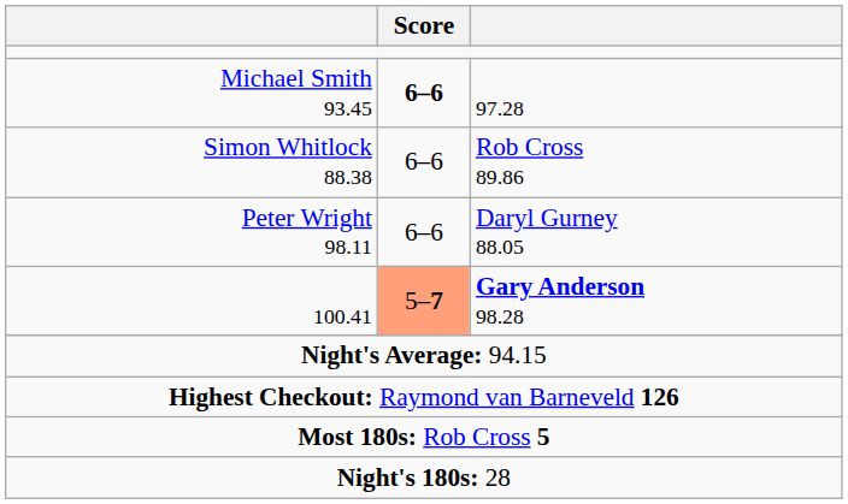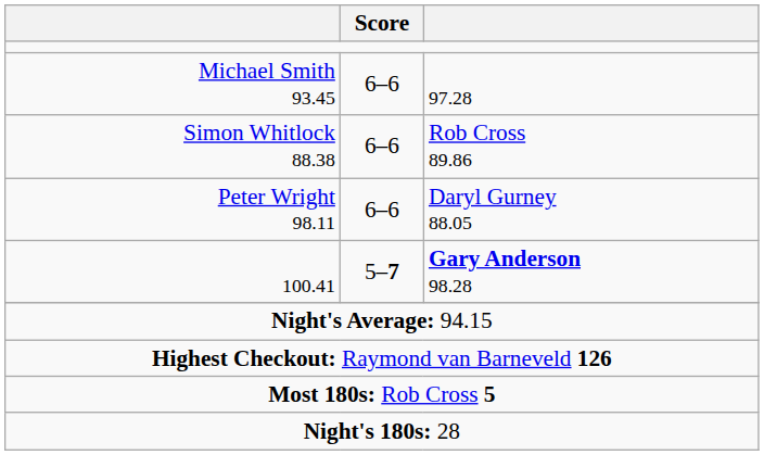 <table class=wikitable style="text-align:center">
 <tr>
 <th width=225></th>
 <th width=50>Score</th>
 <th width=225></th>
 </tr>
 <tr align=center>
 <td colspan="3"></td>
 </tr>
 <tr align=left>
 <td align=right><a href='#'>Michael Smith</a>  <br><small><span>93.45</span></small></td>
-<td align=center><strong>6–6</strong></td>
+<td align=center>6–6</td>
 <td> <br><small><span>97.28</span></small></td>
 </tr>
 <tr align=left>
 <td align=right><a href='#'>Simon Whitlock</a>  <br><small><span>88.38</span></small></td>
 <td align=center>6–6</td>
 <td> <a href='#'>Rob Cross</a><br><small><span>89.86</span></small></td>
 </tr>
 <tr align=left>
 <td align=right><a href='#'>Peter Wright</a>  <br><small><span>98.11</span></small></td>
 <td align=center>6–6</td>
 <td> <a href='#'>Daryl Gurney</a><br><small><span>88.05</span></small></td>
 </tr>
 <tr align=left>
 <td align=right> <br><small><span>100.41</span></small></td>
-<td align=center style="background: lightsalmon;">5–<strong>7</strong></td>
+<td align=center>5–<strong>7</strong></td>
 <td> <strong><a href='#'>Gary Anderson</a></strong> <br><small><span>98.28</span></small></td>
 </tr>
 <tr align=left>
 </tr>
 <tr align=center>
 <td colspan="3"><strong>Night's Average:</strong> 94.15</td>
 </tr>
 <tr align=center>
 <td colspan="3"><strong>Highest Checkout:</strong>  <a href='#'>Raymond van Barneveld</a> <strong>126</strong></td>
 </tr>
 <tr align=center>
 <td colspan="3"><strong>Most 180s:</strong>  <a href='#'>Rob Cross</a> <strong>5</strong></td>
 </tr>
 <tr align=center>
 <td colspan="3"><strong>Night's 180s:</strong> 28</td>
 </tr>
 </table>
